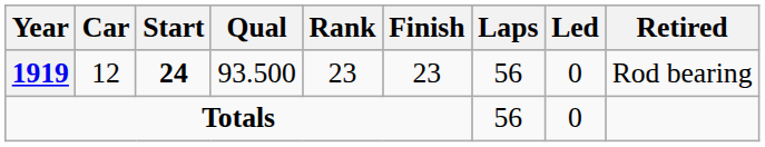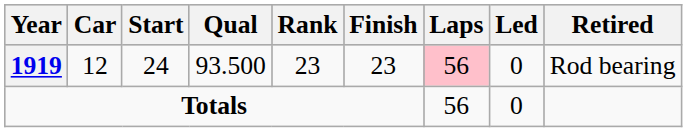 <table class="wikitable" style="text-align:center">
 <tr>
 <th>Year</th>
 <th>Car</th>
 <th>Start</th>
 <th>Qual</th>
 <th>Rank</th>
 <th>Finish</th>
 <th>Laps</th>
 <th>Led</th>
 <th>Retired</th>
 </tr>
 <tr>
 <th><a href='#'>1919</a></th>
 <td>12</td>
-<td><strong>24</strong></td>
+<td>24</td>
 <td>93.500</td>
 <td>23</td>
 <td>23</td>
-<td>56</td>
+<td style="background: pink;">56</td>
 <td>0</td>
 <td>Rod bearing</td>
 </tr>
 <tr>
 <td colspan=6><strong>Totals</strong></td>
 <td>56</td>
 <td>0</td>
 <td></td>
 </tr>
 </table>
